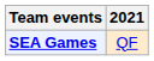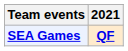 <table style='font-size: 90%; text-align:center;' class='wikitable'>
 <tr>
 <th>Team events</th>
 <th>2021</th>
 </tr>
 <tr>
 <td bgcolor="#ECF2FF"; align="left"><strong><a href='#'>SEA Games</a></strong></td>
-<td bgcolor=FFEBCD><a href='#'>QF</a></td>
+<td bgcolor=FFEBCD><strong><a href='#'>QF</a></strong></td>
 </tr>
 </table>
